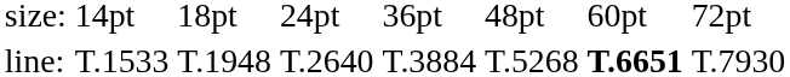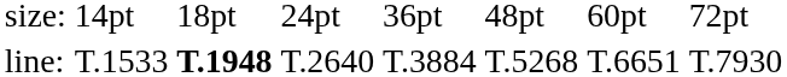 <table style="margin-left:40px;">
 <tr>
 <td>size:</td>
 <td>14pt</td>
 <td>18pt</td>
 <td>24pt</td>
 <td>36pt</td>
 <td>48pt</td>
 <td>60pt</td>
 <td>72pt</td>
 </tr>
 <tr>
 <td>line:</td>
 <td>T.1533</td>
-<td>T.1948</td>
+<td><strong>T.1948</strong></td>
 <td>T.2640</td>
 <td>T.3884</td>
 <td>T.5268</td>
-<td><strong>T.6651</strong></td>
+<td>T.6651</td>
 <td>T.7930</td>
 </tr>
 </table>
